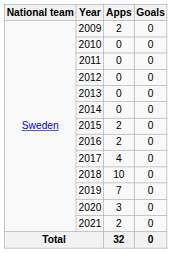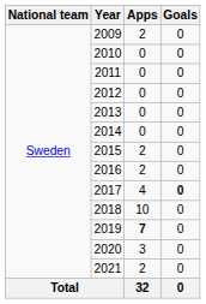 <table class="wikitable" style="text-align: center;">
 <tr>
 <th>National team</th>
 <th>Year</th>
 <th>Apps</th>
 <th>Goals</th>
 </tr>
 <tr>
 <td rowspan="13"><a href='#'>Sweden</a></td>
 <td>2009</td>
 <td>2</td>
 <td>0</td>
 </tr>
 <tr>
 <td>2010</td>
 <td>0</td>
 <td>0</td>
 </tr>
 <tr>
 <td>2011</td>
 <td>0</td>
 <td>0</td>
 </tr>
 <tr>
 <td>2012</td>
 <td>0</td>
 <td>0</td>
 </tr>
 <tr>
 <td>2013</td>
 <td>0</td>
 <td>0</td>
 </tr>
 <tr>
 <td>2014</td>
 <td>0</td>
 <td>0</td>
 </tr>
 <tr>
 <td>2015</td>
 <td>2</td>
 <td>0</td>
 </tr>
 <tr>
 <td>2016</td>
 <td>2</td>
 <td>0</td>
 </tr>
 <tr>
 <td>2017</td>
 <td>4</td>
-<td>0</td>
+<td><strong>0</strong></td>
 </tr>
 <tr>
 <td>2018</td>
 <td>10</td>
 <td>0</td>
 </tr>
 <tr>
 <td>2019</td>
-<td>7</td>
+<td><strong>7</strong></td>
 <td>0</td>
 </tr>
 <tr>
 <td>2020</td>
 <td>3</td>
 <td>0</td>
 </tr>
 <tr>
 <td>2021</td>
 <td>2</td>
 <td>0</td>
 </tr>
 <tr>
 <th colspan="2">Total</th>
 <th>32</th>
 <th>0</th>
 </tr>
 </table>
